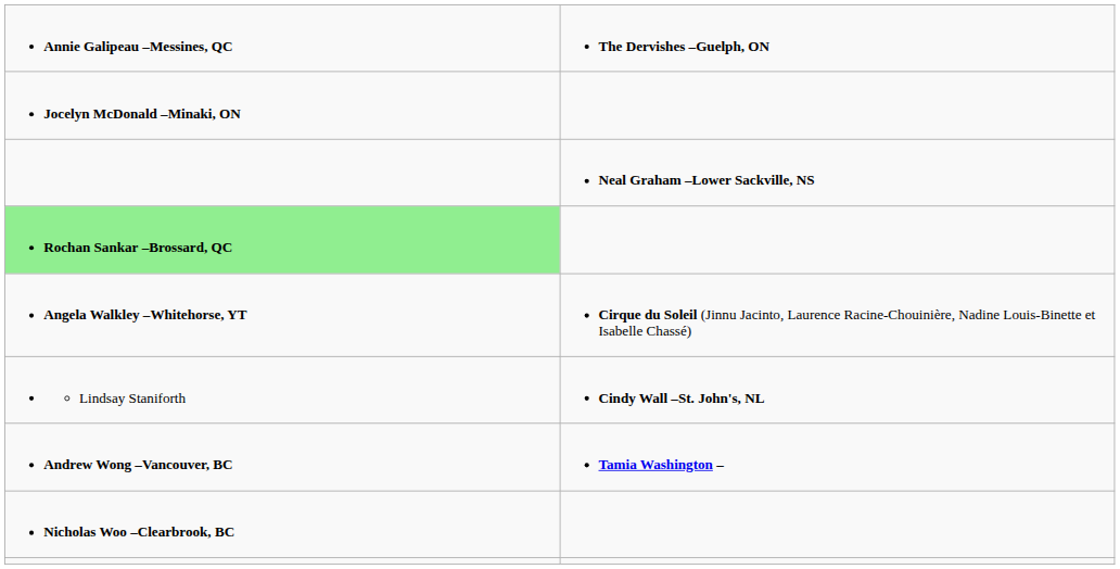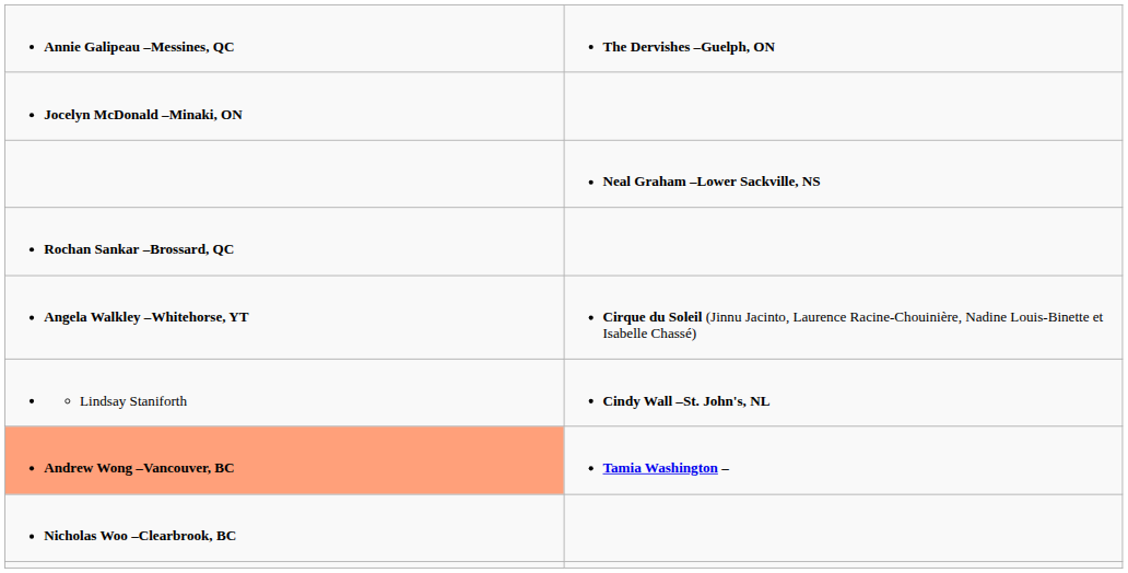 <table class="wikitable" role="presentation">
 <tr>
 <td style="vertical-align:top; width:50%;"><br><ul><li><strong>Annie Galipeau –Messines, QC</strong></li></ul></td>
 <td style="vertical-align:top; width:50%;"><br><ul><li><strong>The Dervishes –Guelph, ON</strong></li></ul></td>
 </tr>
 <tr>
 <td style="vertical-align:top; width:50%;"><br><ul><li><strong>Jocelyn McDonald –Minaki, ON</strong></li></ul></td>
 <td style="vertical-align:top; width:50%;"></td>
 </tr>
 <tr>
 <td style="vertical-align:top; width:50%;"></td>
 <td style="vertical-align:top; width:50%;"><br><ul><li><strong>Neal Graham –Lower Sackville, NS</strong></li></ul></td>
 </tr>
 <tr>
-<td style="background: lightgreen; vertical-align:top; width:50%;"><br><ul><li><strong>Rochan Sankar –Brossard, QC</strong></li></ul></td>
+<td style="vertical-align:top; width:50%;"><br><ul><li><strong>Rochan Sankar –Brossard, QC</strong></li></ul></td>
 <td style="vertical-align:top; width:50%;"></td>
 </tr>
 <tr>
 <td style="vertical-align:top; width:50%;"><br><ul><li><strong>Angela Walkley –Whitehorse, YT</strong></li></ul></td>
 <td style="vertical-align:top; width:50%;"><br><ul><li><strong>Cirque du Soleil</strong> (Jinnu Jacinto, Laurence Racine-Chouinière, Nadine Louis-Binette et Isabelle Chassé) </li></ul></td>
 </tr>
 <tr>
 <td style="vertical-align:top; width:50%;"><br><ul><li><ul><li>Lindsay Staniforth</li></ul></li></ul></td>
 <td style="vertical-align:top; width:50%;"><br><ul><li><strong>Cindy Wall –St. John's, NL</strong></li></ul></td>
 </tr>
 <tr>
-<td style="vertical-align:top; width:50%;"><br><ul><li><strong>Andrew Wong –Vancouver, BC</strong></li></ul></td>
+<td style="background: lightsalmon; vertical-align:top; width:50%;"><br><ul><li><strong>Andrew Wong –Vancouver, BC</strong></li></ul></td>
 <td style="vertical-align:top; width:50%;"><br><ul><li><strong><a href='#'>Tamia Washington</a> –</strong></li></ul></td>
 </tr>
 <tr>
 <td style="vertical-align:top; width:50%;"><br><ul><li><strong>Nicholas Woo –Clearbrook, BC</strong></li></ul></td>
 <td style="vertical-align:top; width:50%;"></td>
 </tr>
 <tr>
 <td style="vertical-align:top; width:50%;"></td>
 </tr>
 </table>
